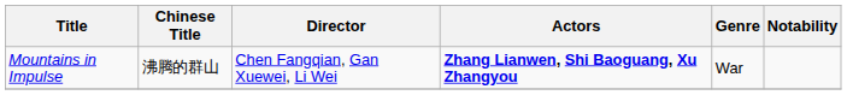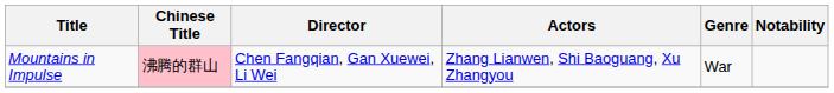 <table class="wikitable">
 <tr>
 <th>Title</th>
 <th>Chinese Title</th>
 <th>Director</th>
 <th>Actors</th>
 <th>Genre</th>
 <th>Notability</th>
 </tr>
 <tr>
 <td><em><a href='#'>Mountains in Impulse</a></em></td>
-<td>沸腾的群山</td>
+<td style="background: pink;">沸腾的群山</td>
 <td><a href='#'>Chen Fangqian</a>, <a href='#'>Gan Xuewei</a>, <a href='#'>Li Wei</a></td>
-<td><strong><a href='#'>Zhang Lianwen</a>, <a href='#'>Shi Baoguang</a>, <a href='#'>Xu Zhangyou</a></strong></td>
+<td><a href='#'>Zhang Lianwen</a>, <a href='#'>Shi Baoguang</a>, <a href='#'>Xu Zhangyou</a></td>
 <td>War</td>
 <td></td>
 </tr>
 <tr>
 </tr>
 </table>
